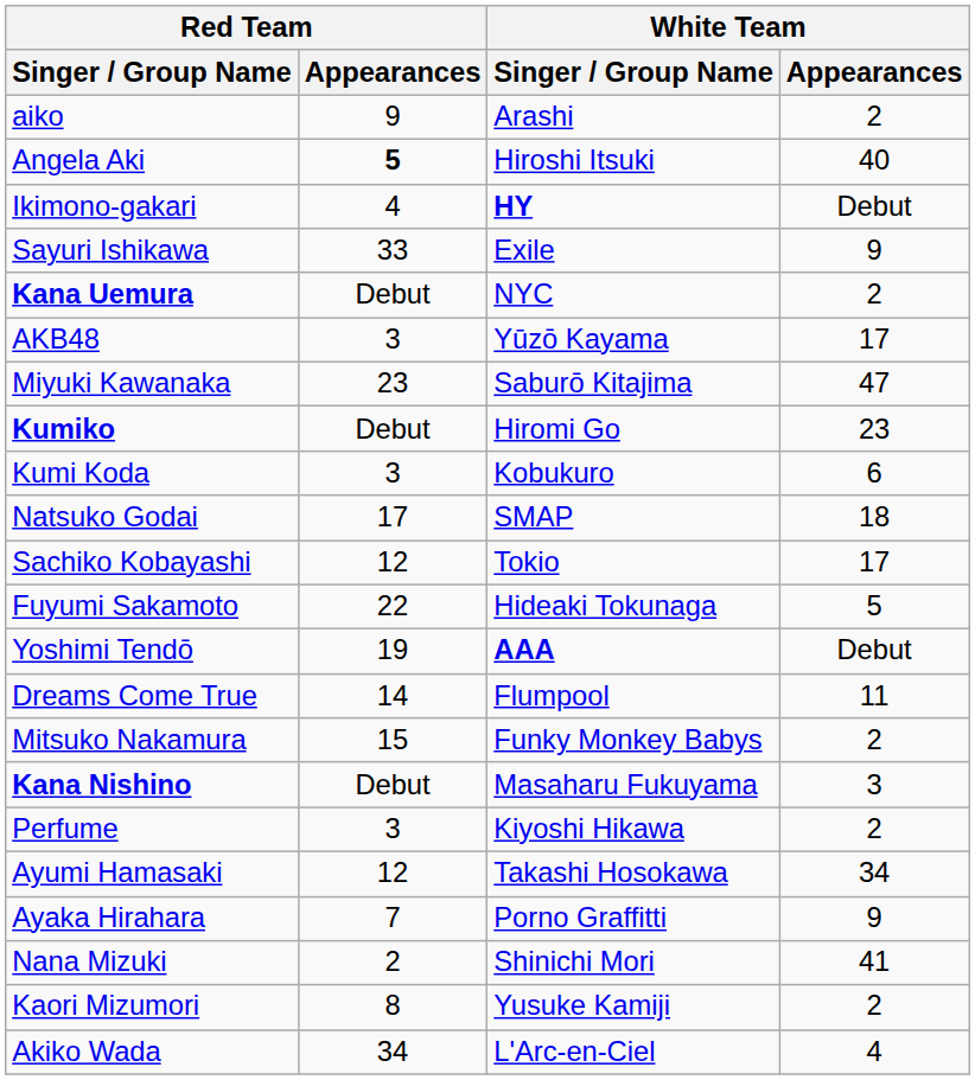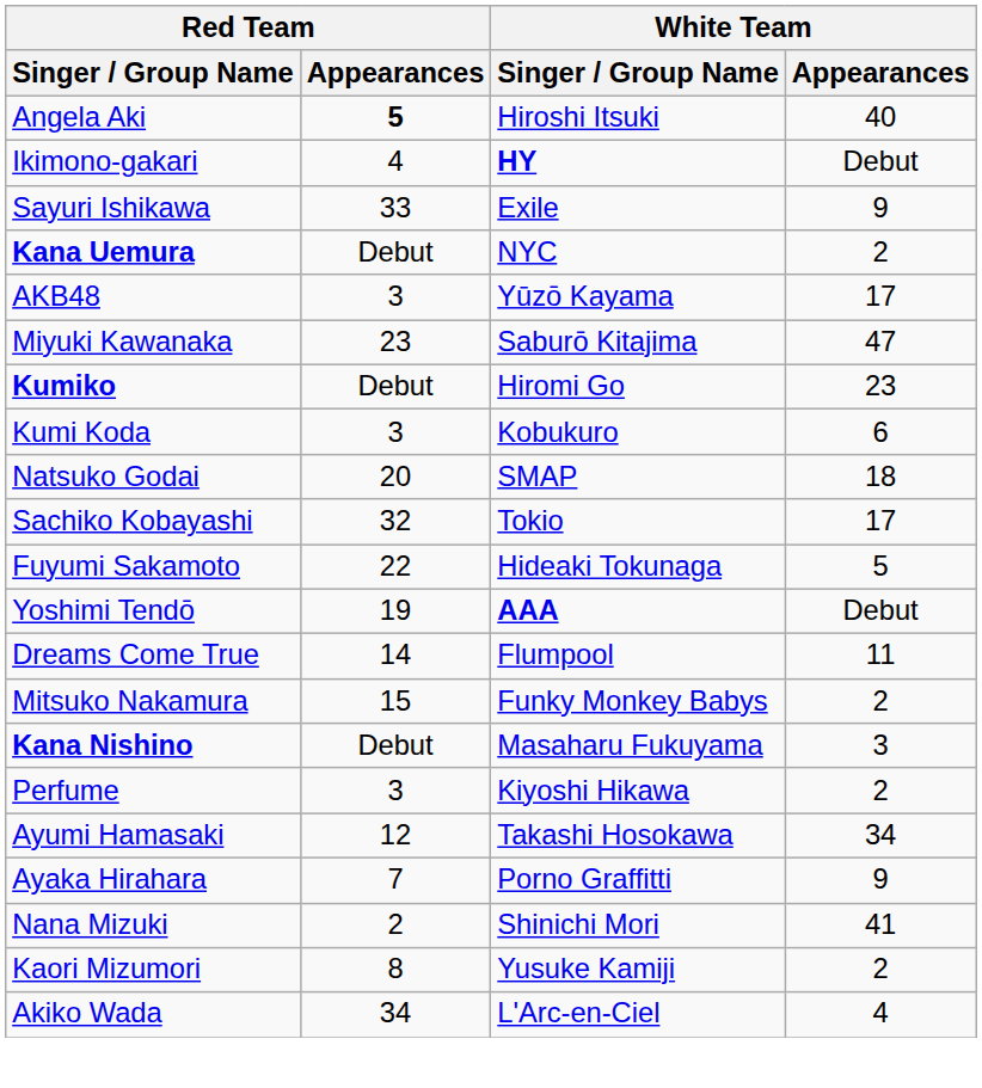 <table class="wikitable">
 <tr>
 <th colspan="2">Red Team</th>
 <th colspan="2">White Team</th>
 </tr>
 <tr>
 <th>Singer / Group Name</th>
 <th>Appearances</th>
 <th>Singer / Group Name</th>
 <th>Appearances</th>
-</tr>
-<tr>
-<td><a href='#'>aiko</a></td>
-<td style="text-align:center;">9</td>
-<td><a href='#'>Arashi</a></td>
-<td style="text-align:center;">2</td>
 </tr>
 <tr>
 <td><a href='#'>Angela Aki</a></td>
 <td style="text-align:center;"><strong>5</strong></td>
 <td><a href='#'>Hiroshi Itsuki</a></td>
 <td style="text-align:center;">40</td>
 </tr>
 <tr>
 <td><a href='#'>Ikimono-gakari</a></td>
 <td style="text-align:center;">4</td>
 <td><strong><a href='#'>HY</a></strong></td>
 <td style="text-align:center;">Debut</td>
 </tr>
 <tr>
 <td><a href='#'>Sayuri Ishikawa</a></td>
 <td style="text-align:center;">33</td>
 <td><a href='#'>Exile</a></td>
 <td style="text-align:center;">9</td>
 </tr>
 <tr>
 <td><strong><a href='#'>Kana Uemura</a></strong></td>
 <td style="text-align:center;">Debut</td>
 <td><a href='#'>NYC</a></td>
 <td style="text-align:center;">2</td>
 </tr>
 <tr>
 <td><a href='#'>AKB48</a></td>
 <td style="text-align:center;">3</td>
 <td><a href='#'>Yūzō Kayama</a></td>
 <td style="text-align:center;">17</td>
 </tr>
 <tr>
 <td><a href='#'>Miyuki Kawanaka</a></td>
 <td style="text-align:center;">23</td>
 <td><a href='#'>Saburō Kitajima</a></td>
 <td style="text-align:center;">47</td>
 </tr>
 <tr>
 <td><strong><a href='#'>Kumiko</a></strong></td>
 <td style="text-align:center;">Debut</td>
 <td><a href='#'>Hiromi Go</a></td>
 <td style="text-align:center;">23</td>
 </tr>
 <tr>
 <td><a href='#'>Kumi Koda</a></td>
 <td style="text-align:center;">3</td>
 <td><a href='#'>Kobukuro</a></td>
 <td style="text-align:center;">6</td>
 </tr>
 <tr>
 <td><a href='#'>Natsuko Godai</a></td>
-<td style="text-align:center;">17</td>
+<td style="text-align:center;">20</td>
 <td><a href='#'>SMAP</a></td>
 <td style="text-align:center;">18</td>
 </tr>
 <tr>
 <td><a href='#'>Sachiko Kobayashi</a></td>
-<td style="text-align:center;">12</td>
+<td style="text-align:center;">32</td>
 <td><a href='#'>Tokio</a></td>
 <td style="text-align:center;">17</td>
 </tr>
 <tr>
 <td><a href='#'>Fuyumi Sakamoto</a></td>
 <td style="text-align:center;">22</td>
 <td><a href='#'>Hideaki Tokunaga</a></td>
 <td style="text-align:center;">5</td>
 </tr>
 <tr>
 <td><a href='#'>Yoshimi Tendō</a></td>
 <td style="text-align:center;">19</td>
 <td><strong><a href='#'>AAA</a></strong></td>
 <td style="text-align:center;">Debut</td>
 </tr>
 <tr>
 <td><a href='#'>Dreams Come True</a></td>
 <td style="text-align:center;">14</td>
 <td><a href='#'>Flumpool</a></td>
 <td style="text-align:center;">11</td>
 </tr>
 <tr>
 <td><a href='#'>Mitsuko Nakamura</a></td>
 <td style="text-align:center;">15</td>
 <td><a href='#'>Funky Monkey Babys</a></td>
 <td style="text-align:center;">2</td>
 </tr>
 <tr>
 <td><strong><a href='#'>Kana Nishino</a></strong></td>
 <td style="text-align:center;">Debut</td>
 <td><a href='#'>Masaharu Fukuyama</a></td>
 <td style="text-align:center;">3</td>
 </tr>
 <tr>
 <td><a href='#'>Perfume</a></td>
 <td style="text-align:center;">3</td>
 <td><a href='#'>Kiyoshi Hikawa</a></td>
 <td style="text-align:center;">2</td>
 </tr>
 <tr>
 <td><a href='#'>Ayumi Hamasaki</a></td>
 <td style="text-align:center;">12</td>
 <td><a href='#'>Takashi Hosokawa</a></td>
 <td style="text-align:center;">34</td>
 </tr>
 <tr>
 <td><a href='#'>Ayaka Hirahara</a></td>
 <td style="text-align:center;">7</td>
 <td><a href='#'>Porno Graffitti</a></td>
 <td style="text-align:center;">9</td>
 </tr>
 <tr>
 <td><a href='#'>Nana Mizuki</a></td>
 <td style="text-align:center;">2</td>
 <td><a href='#'>Shinichi Mori</a></td>
 <td style="text-align:center;">41</td>
 </tr>
 <tr>
 <td><a href='#'>Kaori Mizumori</a></td>
 <td style="text-align:center;">8</td>
 <td><a href='#'>Yusuke Kamiji</a></td>
 <td style="text-align:center;">2</td>
 </tr>
 <tr>
 <td><a href='#'>Akiko Wada</a></td>
 <td style="text-align:center;">34</td>
 <td><a href='#'>L'Arc-en-Ciel</a></td>
 <td style="text-align:center;">4</td>
 </tr>
 </table>
